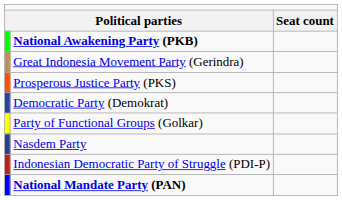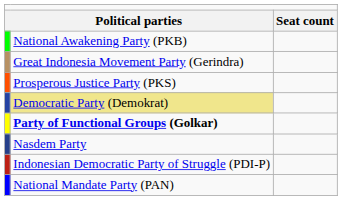 <table class="wikitable">
 <tr>
 <td colspan="4"></td>
 </tr>
 <tr>
 <th colspan="2">Political parties</th>
 <th>Seat count</th>
 </tr>
 <tr>
 <td bgcolor=#00FF00></td>
-<td><strong><a href='#'>National Awakening Party</a> (PKB)</strong></td>
+<td><a href='#'>National Awakening Party</a> (PKB)</td>
 <td></td>
 </tr>
 <tr>
 <td bgcolor=#B79164></td>
 <td><a href='#'>Great Indonesia Movement Party</a> (Gerindra)</td>
 <td></td>
 </tr>
 <tr>
 <td bgcolor=#FF4F00></td>
 <td><a href='#'>Prosperous Justice Party</a> (PKS)</td>
 <td></td>
 </tr>
 <tr>
 <td bgcolor=#2643A3></td>
-<td><a href='#'>Democratic Party</a> (Demokrat)</td>
+<td style="background: khaki;"><a href='#'>Democratic Party</a> (Demokrat)</td>
 <td></td>
 </tr>
 <tr>
 <td bgcolor=#FFFF00></td>
-<td><a href='#'>Party of Functional Groups</a> (Golkar)</td>
+<td><strong><a href='#'>Party of Functional Groups</a> (Golkar)</strong></td>
 <td></td>
 </tr>
 <tr>
 <td bgcolor=#27408B></td>
 <td><a href='#'>Nasdem Party</a></td>
 <td></td>
 </tr>
 <tr>
 <td bgcolor=#BD2016></td>
 <td><a href='#'>Indonesian Democratic Party of Struggle</a> (PDI-P)</td>
 <td></td>
 </tr>
 <tr>
 <td bgcolor=#0000FF></td>
-<td><strong><a href='#'>National Mandate Party</a> (PAN)</strong></td>
+<td><a href='#'>National Mandate Party</a> (PAN)</td>
 <td></td>
 </tr>
 </table>
